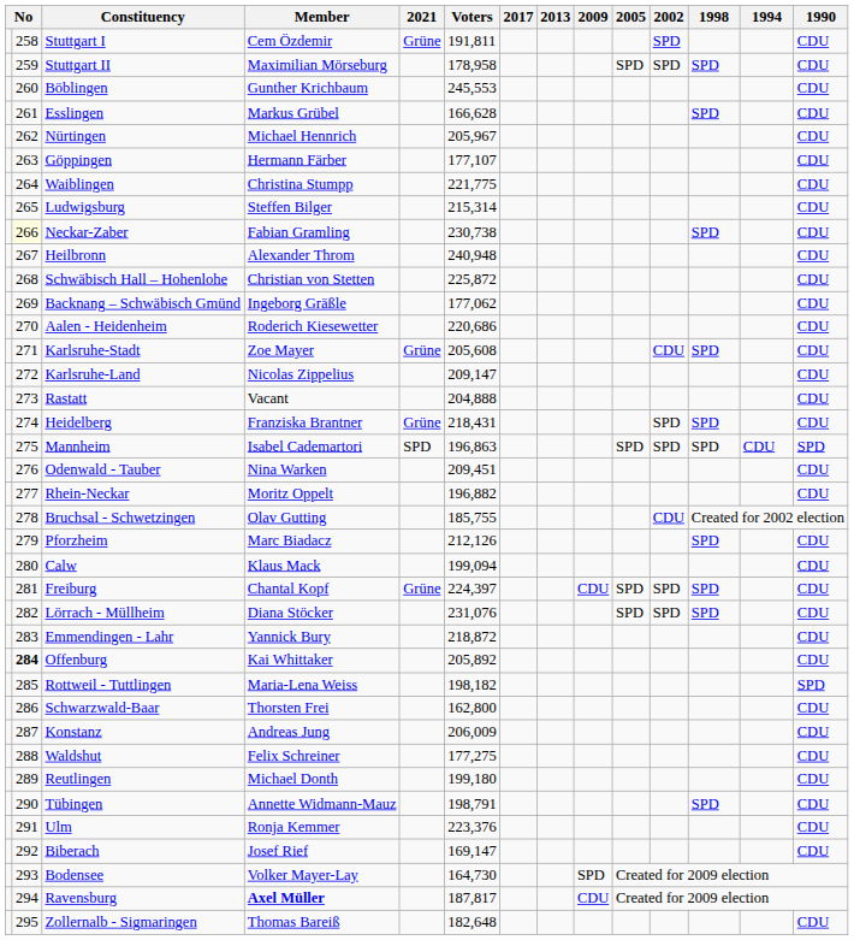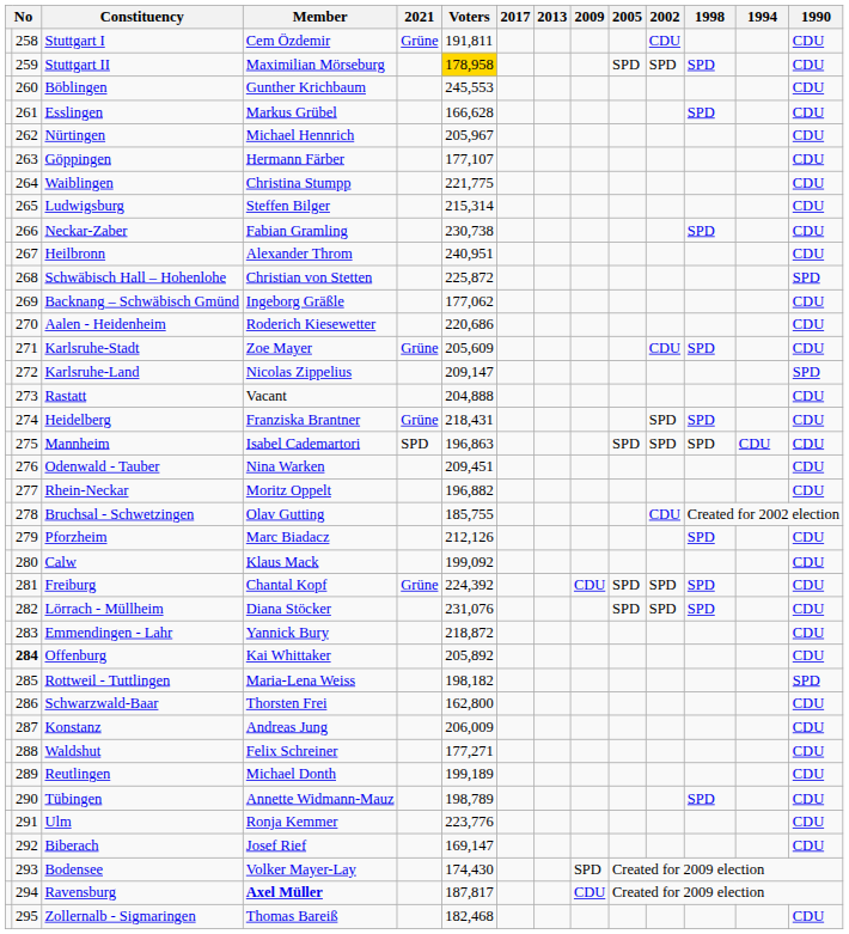 <table class="wikitable sortable">
 <tr>
 <th colspan=2>No</th>
 <th>Constituency</th>
 <th>Member</th>
 <th>2021</th>
 <th>Voters</th>
 <th>2017</th>
 <th>2013</th>
 <th>2009</th>
 <th>2005</th>
 <th>2002</th>
 <th>1998</th>
 <th>1994</th>
 <th>1990</th>
 </tr>
 <tr>
 <td style="background-color: "></td>
 <td>258</td>
 <td><a href='#'>Stuttgart I</a></td>
 <td><a href='#'>Cem Özdemir</a></td>
 <td><a href='#'>Grüne</a></td>
 <td>191,811</td>
 <td></td>
 <td></td>
 <td></td>
 <td></td>
-<td bgcolor=><a href='#'>SPD</a></td>
+<td><a href='#'>CDU</a></td>
 <td></td>
 <td></td>
 <td><a href='#'>CDU</a></td>
 </tr>
 <tr>
 <td style="background-color: "></td>
 <td>259</td>
 <td><a href='#'>Stuttgart II</a></td>
 <td><a href='#'>Maximilian Mörseburg</a></td>
 <td></td>
-<td>178,958</td>
+<td style="background: gold;">178,958</td>
 <td></td>
 <td></td>
 <td></td>
 <td bgcolor=>SPD</td>
 <td bgcolor=>SPD</td>
 <td><a href='#'>SPD</a></td>
 <td></td>
 <td><a href='#'>CDU</a></td>
 </tr>
 <tr>
 <td style="background-color: "></td>
 <td>260</td>
 <td><a href='#'>Böblingen</a></td>
 <td><a href='#'>Gunther Krichbaum</a></td>
 <td></td>
 <td>245,553</td>
 <td></td>
 <td></td>
 <td></td>
 <td></td>
 <td></td>
 <td></td>
 <td></td>
 <td><a href='#'>CDU</a></td>
 </tr>
 <tr>
 <td style="background-color: "></td>
 <td>261</td>
 <td><a href='#'>Esslingen</a></td>
 <td><a href='#'>Markus Grübel</a></td>
 <td></td>
 <td>166,628</td>
 <td></td>
 <td></td>
 <td></td>
 <td></td>
 <td></td>
 <td><a href='#'>SPD</a></td>
 <td></td>
 <td><a href='#'>CDU</a></td>
 </tr>
 <tr>
 <td style="background-color: "></td>
 <td>262</td>
 <td><a href='#'>Nürtingen</a></td>
 <td><a href='#'>Michael Hennrich</a></td>
 <td></td>
 <td>205,967</td>
 <td></td>
 <td></td>
 <td></td>
 <td></td>
 <td></td>
 <td></td>
 <td></td>
 <td><a href='#'>CDU</a></td>
 </tr>
 <tr>
 <td style="background-color: "></td>
 <td>263</td>
 <td><a href='#'>Göppingen</a></td>
 <td><a href='#'>Hermann Färber</a></td>
 <td></td>
 <td>177,107</td>
 <td></td>
 <td></td>
 <td></td>
 <td></td>
 <td></td>
 <td></td>
 <td></td>
 <td><a href='#'>CDU</a></td>
 </tr>
 <tr>
 <td style="background-color: "></td>
 <td>264</td>
 <td><a href='#'>Waiblingen</a></td>
 <td><a href='#'>Christina Stumpp</a></td>
 <td></td>
 <td>221,775</td>
 <td></td>
 <td></td>
 <td></td>
 <td></td>
 <td></td>
 <td></td>
 <td></td>
 <td><a href='#'>CDU</a></td>
 </tr>
 <tr>
 <td style="background-color: "></td>
 <td>265</td>
 <td><a href='#'>Ludwigsburg</a></td>
 <td><a href='#'>Steffen Bilger</a></td>
 <td></td>
 <td>215,314</td>
 <td></td>
 <td></td>
 <td></td>
 <td></td>
 <td></td>
 <td></td>
 <td></td>
 <td><a href='#'>CDU</a></td>
 </tr>
 <tr>
 <td style="background-color: "></td>
-<td style="background: lightyellow;">266</td>
+<td>266</td>
 <td><a href='#'>Neckar-Zaber</a></td>
 <td><a href='#'>Fabian Gramling</a></td>
 <td></td>
 <td>230,738</td>
 <td></td>
 <td></td>
 <td></td>
 <td></td>
 <td></td>
 <td><a href='#'>SPD</a></td>
 <td></td>
 <td><a href='#'>CDU</a></td>
 </tr>
 <tr>
 <td style="background-color: "></td>
 <td>267</td>
 <td><a href='#'>Heilbronn</a></td>
 <td><a href='#'>Alexander Throm</a></td>
 <td></td>
-<td>240,948</td>
+<td>240,951</td>
 <td></td>
 <td></td>
 <td></td>
 <td></td>
 <td></td>
 <td></td>
 <td></td>
 <td><a href='#'>CDU</a></td>
 </tr>
 <tr>
 <td style="background-color: "></td>
 <td>268</td>
 <td><a href='#'>Schwäbisch Hall – Hohenlohe</a></td>
 <td><a href='#'>Christian von Stetten</a></td>
 <td></td>
 <td>225,872</td>
 <td></td>
 <td></td>
 <td></td>
 <td></td>
 <td></td>
 <td></td>
 <td></td>
-<td><a href='#'>CDU</a></td>
+<td><a href='#'>SPD</a></td>
 </tr>
 <tr>
 <td style="background-color: "></td>
 <td>269</td>
 <td><a href='#'>Backnang – Schwäbisch Gmünd</a></td>
 <td><a href='#'>Ingeborg Gräßle</a></td>
 <td></td>
 <td>177,062</td>
 <td></td>
 <td></td>
 <td></td>
 <td></td>
 <td></td>
 <td></td>
 <td></td>
 <td><a href='#'>CDU</a></td>
 </tr>
 <tr>
 <td style="background-color: "></td>
 <td>270</td>
 <td><a href='#'>Aalen - Heidenheim</a></td>
 <td><a href='#'>Roderich Kiesewetter</a></td>
 <td></td>
 <td>220,686</td>
 <td></td>
 <td></td>
 <td></td>
 <td></td>
 <td></td>
 <td></td>
 <td></td>
 <td><a href='#'>CDU</a></td>
 </tr>
 <tr>
 <td style="background-color: "></td>
 <td>271</td>
 <td><a href='#'>Karlsruhe-Stadt</a></td>
 <td><a href='#'>Zoe Mayer</a></td>
 <td><a href='#'>Grüne</a></td>
-<td>205,608</td>
+<td>205,609</td>
 <td></td>
 <td></td>
 <td></td>
 <td></td>
 <td><a href='#'>CDU</a></td>
 <td><a href='#'>SPD</a></td>
 <td></td>
 <td><a href='#'>CDU</a></td>
 </tr>
 <tr>
 <td style="background-color: "></td>
 <td>272</td>
 <td><a href='#'>Karlsruhe-Land</a></td>
 <td><a href='#'>Nicolas Zippelius</a></td>
 <td></td>
 <td>209,147</td>
 <td></td>
 <td></td>
 <td></td>
 <td></td>
 <td></td>
 <td></td>
 <td></td>
-<td><a href='#'>CDU</a></td>
+<td><a href='#'>SPD</a></td>
 </tr>
 <tr>
 <td style="background-color: "></td>
 <td>273</td>
 <td><a href='#'>Rastatt</a></td>
 <td>Vacant</td>
 <td></td>
 <td>204,888</td>
 <td></td>
 <td></td>
 <td></td>
 <td></td>
 <td></td>
 <td></td>
 <td></td>
 <td><a href='#'>CDU</a></td>
 </tr>
 <tr>
 <td style="background-color: "></td>
 <td>274</td>
 <td><a href='#'>Heidelberg</a></td>
 <td><a href='#'>Franziska Brantner</a></td>
 <td><a href='#'>Grüne</a></td>
 <td>218,431</td>
 <td></td>
 <td></td>
 <td></td>
 <td></td>
 <td bgcolor=>SPD</td>
 <td><a href='#'>SPD</a></td>
 <td></td>
 <td><a href='#'>CDU</a></td>
 </tr>
 <tr>
 <td style="background-color: "></td>
 <td>275</td>
 <td><a href='#'>Mannheim</a></td>
 <td><a href='#'>Isabel Cademartori</a></td>
 <td bgcolor=>SPD</td>
 <td>196,863</td>
 <td></td>
 <td></td>
 <td></td>
 <td bgcolor=>SPD</td>
 <td bgcolor=>SPD</td>
 <td bgcolor=>SPD</td>
 <td><a href='#'>CDU</a></td>
-<td><a href='#'>SPD</a></td>
+<td><a href='#'>CDU</a></td>
 </tr>
 <tr>
 <td style="background-color: "></td>
 <td>276</td>
 <td><a href='#'>Odenwald - Tauber</a></td>
 <td><a href='#'>Nina Warken</a></td>
 <td></td>
 <td>209,451</td>
 <td></td>
 <td></td>
 <td></td>
 <td></td>
 <td></td>
 <td></td>
 <td></td>
 <td><a href='#'>CDU</a></td>
 </tr>
 <tr>
 <td style="background-color: "></td>
 <td>277</td>
 <td><a href='#'>Rhein-Neckar</a></td>
 <td><a href='#'>Moritz Oppelt</a></td>
 <td></td>
 <td>196,882</td>
 <td></td>
 <td></td>
 <td></td>
 <td></td>
 <td></td>
 <td></td>
 <td></td>
 <td><a href='#'>CDU</a></td>
 </tr>
 <tr>
 <td style="background-color: "></td>
 <td>278</td>
 <td><a href='#'>Bruchsal - Schwetzingen</a></td>
 <td><a href='#'>Olav Gutting</a></td>
 <td></td>
 <td>185,755</td>
 <td></td>
 <td></td>
 <td></td>
 <td></td>
 <td><a href='#'>CDU</a></td>
 <td colspan=3>Created for 2002 election</td>
 </tr>
 <tr>
 <td style="background-color: "></td>
 <td>279</td>
 <td><a href='#'>Pforzheim</a></td>
 <td><a href='#'>Marc Biadacz</a></td>
 <td></td>
 <td>212,126</td>
 <td></td>
 <td></td>
 <td></td>
 <td></td>
 <td></td>
 <td><a href='#'>SPD</a></td>
 <td></td>
 <td><a href='#'>CDU</a></td>
 </tr>
 <tr>
 <td style="background-color: "></td>
 <td>280</td>
 <td><a href='#'>Calw</a></td>
 <td><a href='#'>Klaus Mack</a></td>
 <td></td>
-<td>199,094</td>
+<td>199,092</td>
 <td></td>
 <td></td>
 <td></td>
 <td></td>
 <td></td>
 <td></td>
 <td></td>
 <td><a href='#'>CDU</a></td>
 </tr>
 <tr>
 <td style="background-color: "></td>
 <td>281</td>
 <td><a href='#'>Freiburg</a></td>
 <td><a href='#'>Chantal Kopf</a></td>
 <td><a href='#'>Grüne</a></td>
-<td>224,397</td>
+<td>224,392</td>
 <td></td>
 <td></td>
 <td><a href='#'>CDU</a></td>
 <td bgcolor=>SPD</td>
 <td bgcolor=>SPD</td>
 <td><a href='#'>SPD</a></td>
 <td></td>
 <td><a href='#'>CDU</a></td>
 </tr>
 <tr>
 <td style="background-color: "></td>
 <td>282</td>
 <td><a href='#'>Lörrach - Müllheim</a></td>
 <td><a href='#'>Diana Stöcker</a></td>
 <td></td>
 <td>231,076</td>
 <td></td>
 <td></td>
 <td></td>
 <td bgcolor=>SPD</td>
 <td bgcolor=>SPD</td>
 <td><a href='#'>SPD</a></td>
 <td></td>
 <td><a href='#'>CDU</a></td>
 </tr>
 <tr>
 <td style="background-color: "></td>
 <td>283</td>
 <td><a href='#'>Emmendingen - Lahr</a></td>
 <td><a href='#'>Yannick Bury</a></td>
 <td></td>
 <td>218,872</td>
 <td></td>
 <td></td>
 <td></td>
 <td></td>
 <td></td>
 <td></td>
 <td></td>
 <td><a href='#'>CDU</a></td>
 </tr>
 <tr>
 <td style="background-color: "></td>
 <td><strong>284</strong></td>
 <td><a href='#'>Offenburg</a></td>
 <td><a href='#'>Kai Whittaker</a></td>
 <td></td>
 <td>205,892</td>
 <td></td>
 <td></td>
 <td></td>
 <td></td>
 <td></td>
 <td></td>
 <td></td>
 <td><a href='#'>CDU</a></td>
 </tr>
 <tr>
 <td style="background-color: "></td>
 <td>285</td>
 <td><a href='#'>Rottweil - Tuttlingen</a></td>
 <td><a href='#'>Maria-Lena Weiss</a></td>
 <td></td>
 <td>198,182</td>
 <td></td>
 <td></td>
 <td></td>
 <td></td>
 <td></td>
 <td></td>
 <td></td>
 <td><a href='#'>SPD</a></td>
 </tr>
 <tr>
 <td style="background-color: "></td>
 <td>286</td>
 <td><a href='#'>Schwarzwald-Baar</a></td>
 <td><a href='#'>Thorsten Frei</a></td>
 <td></td>
 <td>162,800</td>
 <td></td>
 <td></td>
 <td></td>
 <td></td>
 <td></td>
 <td></td>
 <td></td>
 <td><a href='#'>CDU</a></td>
 </tr>
 <tr>
 <td style="background-color: "></td>
 <td>287</td>
 <td><a href='#'>Konstanz</a></td>
 <td><a href='#'>Andreas Jung</a></td>
 <td></td>
 <td>206,009</td>
 <td></td>
 <td></td>
 <td></td>
 <td></td>
 <td></td>
 <td></td>
 <td></td>
 <td><a href='#'>CDU</a></td>
 </tr>
 <tr>
 <td style="background-color: "></td>
 <td>288</td>
 <td><a href='#'>Waldshut</a></td>
 <td><a href='#'>Felix Schreiner</a></td>
 <td></td>
-<td>177,275</td>
+<td>177,271</td>
 <td></td>
 <td></td>
 <td></td>
 <td></td>
 <td></td>
 <td></td>
 <td></td>
 <td><a href='#'>CDU</a></td>
 </tr>
 <tr>
 <td style="background-color: "></td>
 <td>289</td>
 <td><a href='#'>Reutlingen</a></td>
 <td><a href='#'>Michael Donth</a></td>
 <td></td>
-<td>199,180</td>
+<td>199,189</td>
 <td></td>
 <td></td>
 <td></td>
 <td></td>
 <td></td>
 <td></td>
 <td></td>
 <td><a href='#'>CDU</a></td>
 </tr>
 <tr>
 <td style="background-color: "></td>
 <td>290</td>
 <td><a href='#'>Tübingen</a></td>
 <td><a href='#'>Annette Widmann-Mauz</a></td>
 <td></td>
-<td>198,791</td>
+<td>198,789</td>
 <td></td>
 <td></td>
 <td></td>
 <td></td>
 <td></td>
 <td><a href='#'>SPD</a></td>
 <td></td>
 <td><a href='#'>CDU</a></td>
 </tr>
 <tr>
 <td style="background-color: "></td>
 <td>291</td>
 <td><a href='#'>Ulm</a></td>
 <td><a href='#'>Ronja Kemmer</a></td>
 <td></td>
-<td>223,376</td>
+<td>223,776</td>
 <td></td>
 <td></td>
 <td></td>
 <td></td>
 <td></td>
 <td></td>
 <td></td>
 <td><a href='#'>CDU</a></td>
 </tr>
 <tr>
 <td style="background-color: "></td>
 <td>292</td>
 <td><a href='#'>Biberach</a></td>
 <td><a href='#'>Josef Rief</a></td>
 <td></td>
 <td>169,147</td>
 <td></td>
 <td></td>
 <td></td>
 <td></td>
 <td></td>
 <td></td>
 <td></td>
 <td><a href='#'>CDU</a></td>
 </tr>
 <tr>
 <td style="background-color: "></td>
 <td>293</td>
 <td><a href='#'>Bodensee</a></td>
 <td><a href='#'>Volker Mayer-Lay</a></td>
 <td></td>
-<td>164,730</td>
+<td>174,430</td>
 <td></td>
 <td></td>
 <td bgcolor=>SPD</td>
 <td colspan=5>Created for 2009 election</td>
 </tr>
 <tr>
 <td style="background-color: "></td>
 <td>294</td>
 <td><a href='#'>Ravensburg</a></td>
 <td><strong><a href='#'>Axel Müller</a></strong></td>
 <td></td>
 <td>187,817</td>
 <td></td>
 <td></td>
 <td><a href='#'>CDU</a></td>
 <td colspan=5>Created for 2009 election</td>
 </tr>
 <tr>
 <td style="background-color: "></td>
 <td>295</td>
 <td><a href='#'>Zollernalb - Sigmaringen</a></td>
 <td><a href='#'>Thomas Bareiß</a></td>
 <td></td>
-<td>182,648</td>
+<td>182,468</td>
 <td></td>
 <td></td>
 <td></td>
 <td></td>
 <td></td>
 <td></td>
 <td></td>
 <td><a href='#'>CDU</a></td>
 </tr>
 </table>
